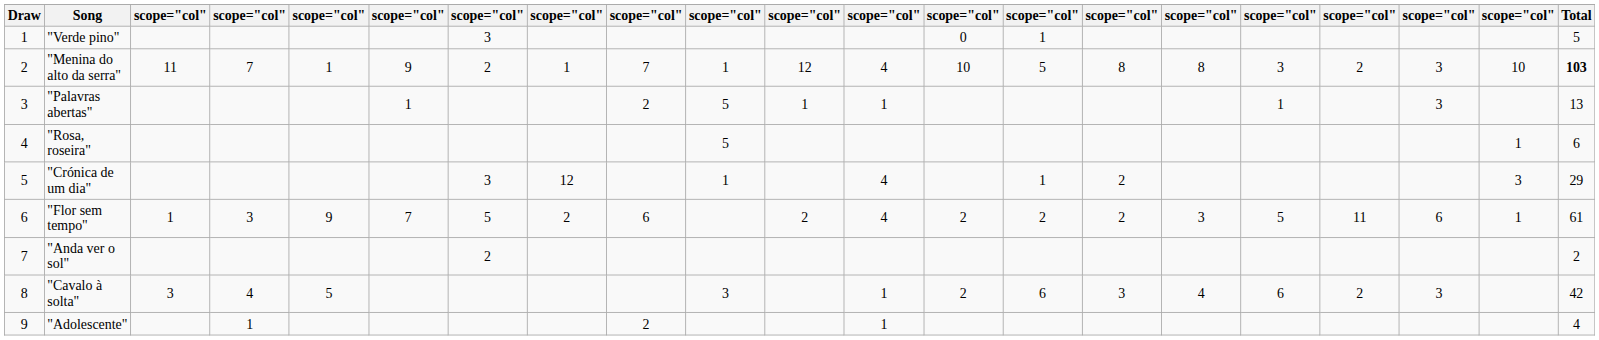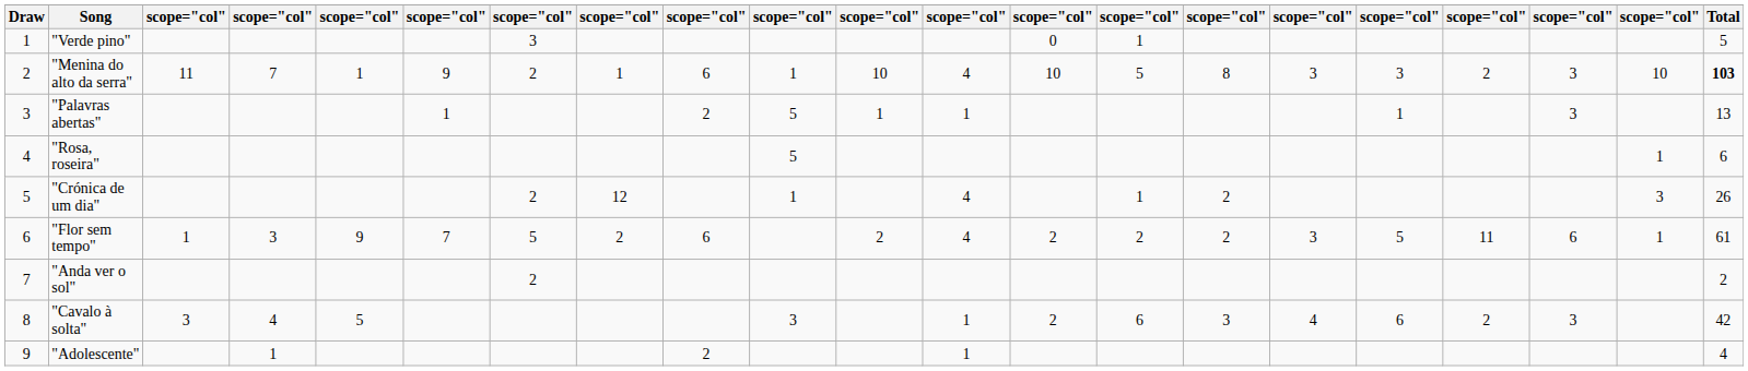 <table class="wikitable plainrowheaders" style="margin: 1em auto 1em auto; text-align:center;">
 <tr>
 </tr>
 <tr>
 <th scope="col">Draw</th>
 <th scope="col">Song</th>
 <th>scope="col" </th>
 <th>scope="col" </th>
 <th>scope="col" </th>
 <th>scope="col" </th>
 <th>scope="col" </th>
 <th>scope="col" </th>
 <th>scope="col" </th>
 <th>scope="col" </th>
 <th>scope="col" </th>
 <th>scope="col" </th>
 <th>scope="col" </th>
 <th>scope="col" </th>
 <th>scope="col" </th>
 <th>scope="col" </th>
 <th>scope="col" </th>
 <th>scope="col" </th>
 <th>scope="col" </th>
 <th>scope="col" </th>
 <th scope="col">Total</th>
 </tr>
 <tr>
 <td>1</td>
 <td align="left">"Verde pino"</td>
 <td></td>
 <td></td>
 <td></td>
 <td></td>
 <td>3</td>
 <td></td>
 <td></td>
 <td></td>
 <td></td>
 <td></td>
 <td>0</td>
 <td>1</td>
 <td></td>
 <td></td>
 <td></td>
 <td></td>
 <td></td>
 <td></td>
 <td>5</td>
 </tr>
 <tr>
 <td>2</td>
 <td align="left">"Menina do alto da serra"</td>
 <td>11</td>
 <td>7</td>
 <td>1</td>
 <td>9</td>
 <td>2</td>
 <td>1</td>
-<td>7</td>
+<td>6</td>
 <td>1</td>
-<td>12</td>
+<td>10</td>
 <td>4</td>
 <td>10</td>
 <td>5</td>
 <td>8</td>
-<td>8</td>
+<td>3</td>
 <td>3</td>
 <td>2</td>
 <td>3</td>
 <td>10</td>
 <td><strong>103</strong></td>
 </tr>
 <tr>
 <td>3</td>
 <td align="left">"Palavras abertas"</td>
 <td></td>
 <td></td>
 <td></td>
 <td>1</td>
 <td></td>
 <td></td>
 <td>2</td>
 <td>5</td>
 <td>1</td>
 <td>1</td>
 <td></td>
 <td></td>
 <td></td>
 <td></td>
 <td>1</td>
 <td></td>
 <td>3</td>
 <td></td>
 <td>13</td>
 </tr>
 <tr>
 <td>4</td>
 <td align="left">"Rosa, roseira"</td>
 <td></td>
 <td></td>
 <td></td>
 <td></td>
 <td></td>
 <td></td>
 <td></td>
 <td>5</td>
 <td></td>
 <td></td>
 <td></td>
 <td></td>
 <td></td>
 <td></td>
 <td></td>
 <td></td>
 <td></td>
 <td>1</td>
 <td>6</td>
 </tr>
 <tr>
 <td>5</td>
 <td align="left">"Crónica de um dia"</td>
 <td></td>
 <td></td>
 <td></td>
 <td></td>
-<td>3</td>
+<td>2</td>
 <td>12</td>
 <td></td>
 <td>1</td>
 <td></td>
 <td>4</td>
 <td></td>
 <td>1</td>
 <td>2</td>
 <td></td>
 <td></td>
 <td></td>
 <td></td>
 <td>3</td>
-<td>29</td>
+<td>26</td>
 </tr>
 <tr>
 <td>6</td>
 <td align="left">"Flor sem tempo"</td>
 <td>1</td>
 <td>3</td>
 <td>9</td>
 <td>7</td>
 <td>5</td>
 <td>2</td>
 <td>6</td>
 <td></td>
 <td>2</td>
 <td>4</td>
 <td>2</td>
 <td>2</td>
 <td>2</td>
 <td>3</td>
 <td>5</td>
 <td>11</td>
 <td>6</td>
 <td>1</td>
 <td>61</td>
 </tr>
 <tr>
 <td>7</td>
 <td align="left">"Anda ver o sol"</td>
 <td></td>
 <td></td>
 <td></td>
 <td></td>
 <td>2</td>
 <td></td>
 <td></td>
 <td></td>
 <td></td>
 <td></td>
 <td></td>
 <td></td>
 <td></td>
 <td></td>
 <td></td>
 <td></td>
 <td></td>
 <td></td>
 <td>2</td>
 </tr>
 <tr>
 <td>8</td>
 <td align="left">"Cavalo à solta"</td>
 <td>3</td>
 <td>4</td>
 <td>5</td>
 <td></td>
 <td></td>
 <td></td>
 <td></td>
 <td>3</td>
 <td></td>
 <td>1</td>
 <td>2</td>
 <td>6</td>
 <td>3</td>
 <td>4</td>
 <td>6</td>
 <td>2</td>
 <td>3</td>
 <td></td>
 <td>42</td>
 </tr>
 <tr>
 <td>9</td>
 <td align="left">"Adolescente"</td>
 <td></td>
 <td>1</td>
 <td></td>
 <td></td>
 <td></td>
 <td></td>
 <td>2</td>
 <td></td>
 <td></td>
 <td>1</td>
 <td></td>
 <td></td>
 <td></td>
 <td></td>
 <td></td>
 <td></td>
 <td></td>
 <td></td>
 <td>4</td>
 </tr>
 </table>
